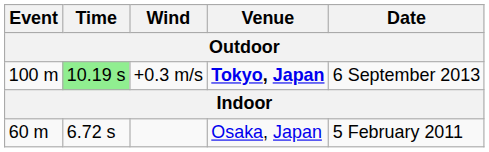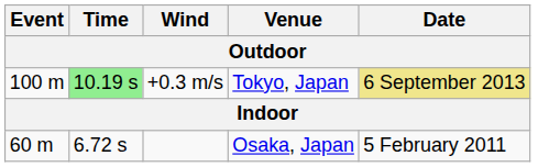 <table class="wikitable">
 <tr>
 <th>Event</th>
 <th>Time</th>
 <th>Wind</th>
 <th>Venue</th>
 <th>Date</th>
 </tr>
 <tr>
 <th colspan="6">Outdoor</th>
 </tr>
 <tr>
 <td>100 m</td>
 <td style="background: lightgreen;">10.19 s</td>
 <td>+0.3 m/s</td>
-<td><strong><a href='#'>Tokyo</a>, <a href='#'>Japan</a></strong></td>
-<td>6 September 2013</td>
+<td><a href='#'>Tokyo</a>, <a href='#'>Japan</a></td>
+<td style="background: khaki;">6 September 2013</td>
 </tr>
 <tr>
 <th colspan="6">Indoor</th>
 </tr>
 <tr>
 <td>60 m</td>
 <td>6.72 s</td>
 <td></td>
 <td><a href='#'>Osaka</a>, <a href='#'>Japan</a></td>
 <td>5 February 2011</td>
 </tr>
 </table>
